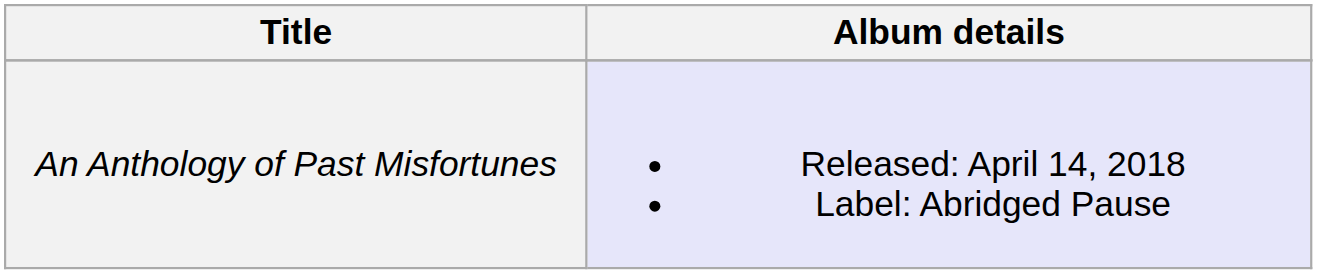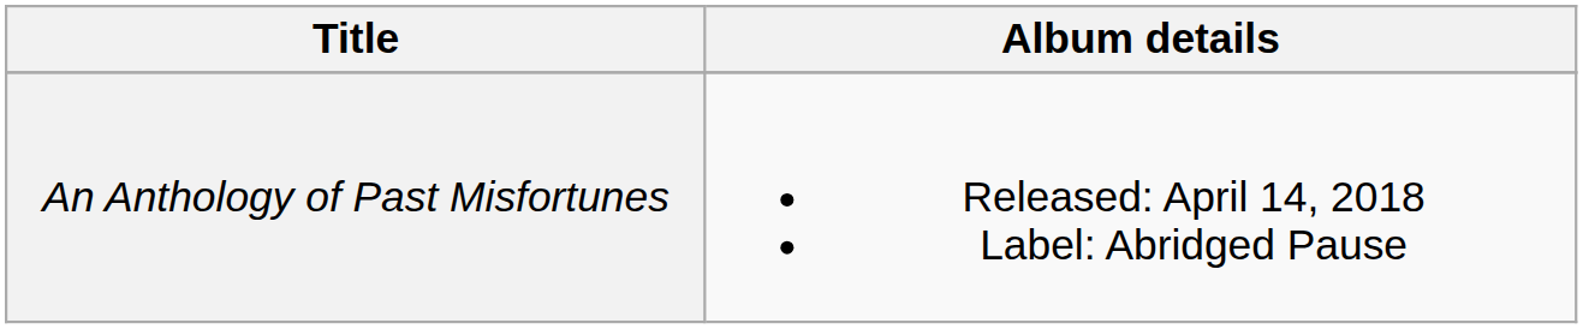 <table class="wikitable plainrowheaders" style="text-align:center;" border="1">
 <tr>
 <th rowspan="1" scope="col" style="width:16em;">Title</th>
 <th rowspan="1" scope="col" style="width:20em;">Album details</th>
 </tr>
 <tr>
 </tr>
 <tr>
 <th scope="row" style="font-weight:normal;"><em>An Anthology of Past Misfortunes</em></th>
-<td style="background: lavender;"><br><ul><li>Released: April 14, 2018</li><li>Label: Abridged Pause</li></ul></td>
+<td><br><ul><li>Released: April 14, 2018</li><li>Label: Abridged Pause</li></ul></td>
 </tr>
 </table>
